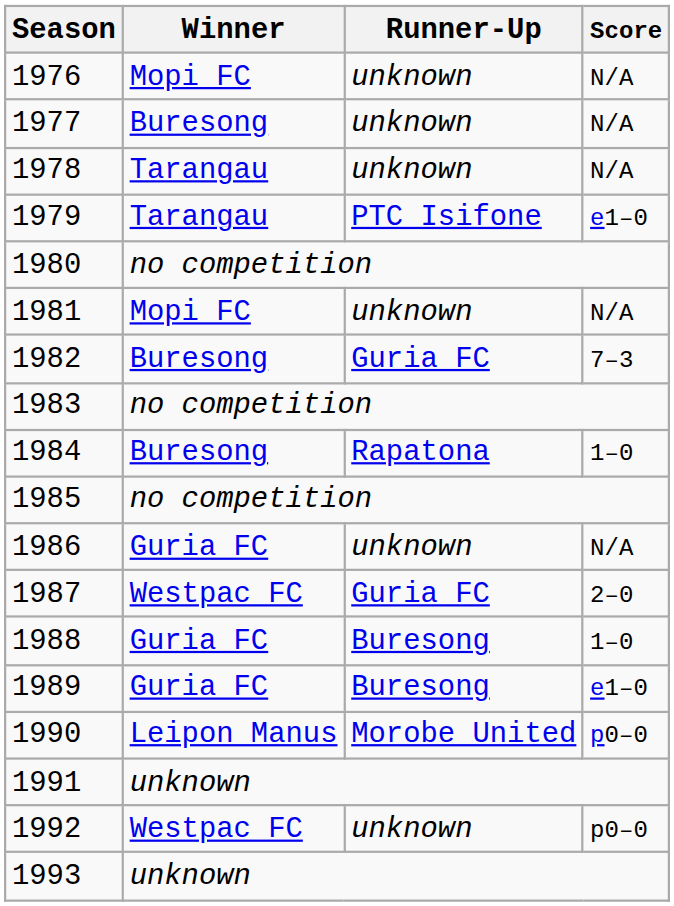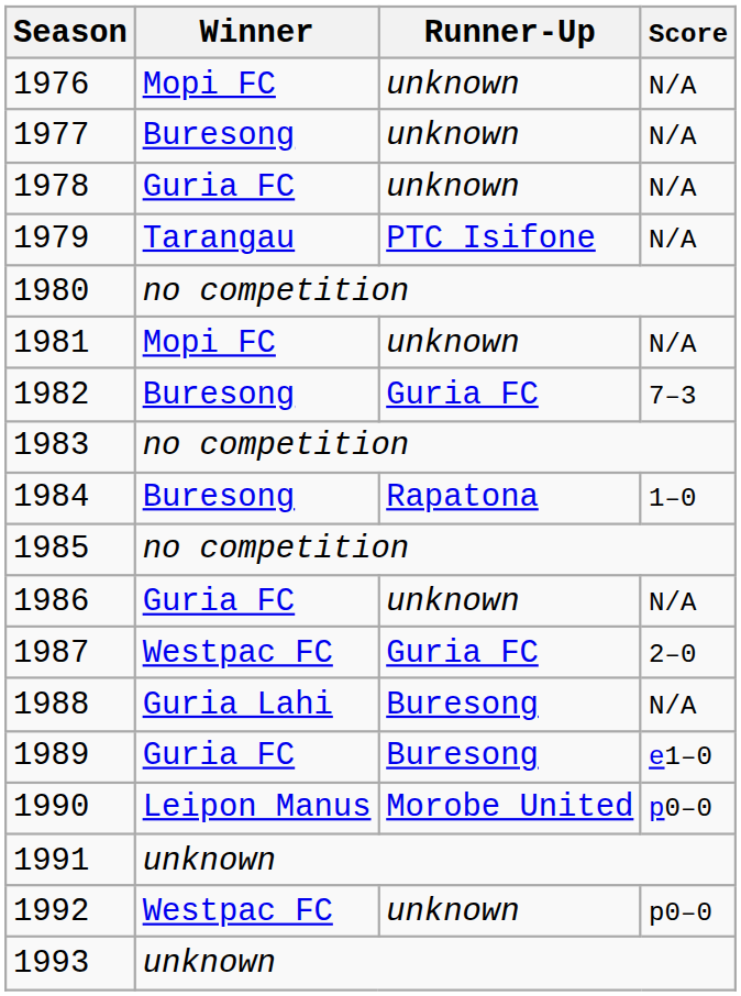 <table class="wikitable" style="display: inline-table;">
 <tr>
 <th>Season</th>
 <th>Winner</th>
 <th>Runner-Up</th>
 <th><small>Score</small></th>
 </tr>
 <tr>
 <td>1976</td>
 <td><a href='#'>Mopi FC</a></td>
 <td><em>unknown</em></td>
 <td><small>N/A</small></td>
 </tr>
 <tr>
 <td>1977</td>
 <td><a href='#'>Buresong</a></td>
 <td><em>unknown</em></td>
 <td><small>N/A</small></td>
 </tr>
 <tr>
 <td>1978</td>
-<td><a href='#'>Tarangau</a></td>
+<td><a href='#'>Guria FC</a></td>
 <td><em>unknown</em></td>
 <td><small>N/A</small></td>
 </tr>
 <tr>
 <td>1979</td>
 <td><a href='#'>Tarangau</a></td>
 <td><a href='#'>PTC Isifone</a></td>
-<td><small><a href='#'>e</a>1–0</small></td>
+<td><small>N/A</small></td>
 </tr>
 <tr>
 <td>1980</td>
 <td colspan="3"><em>no competition</em></td>
 </tr>
 <tr>
 <td>1981</td>
 <td><a href='#'>Mopi FC</a></td>
 <td><em>unknown</em></td>
 <td><small>N/A</small></td>
 </tr>
 <tr>
 <td>1982</td>
 <td><a href='#'>Buresong</a></td>
 <td><a href='#'>Guria FC</a></td>
 <td><small>7–3</small></td>
 </tr>
 <tr>
 <td>1983</td>
 <td colspan="3"><em>no competition</em></td>
 </tr>
 <tr>
 <td>1984</td>
 <td><a href='#'>Buresong</a></td>
 <td><a href='#'>Rapatona</a></td>
 <td><small>1–0</small></td>
 </tr>
 <tr>
 <td>1985</td>
 <td colspan="3"><em>no competition</em></td>
 </tr>
 <tr>
 <td>1986</td>
 <td><a href='#'>Guria FC</a></td>
 <td><em>unknown</em></td>
 <td><small>N/A</small></td>
 </tr>
 <tr>
 <td>1987</td>
 <td><a href='#'>Westpac FC</a></td>
 <td><a href='#'>Guria FC</a></td>
 <td><small>2–0</small></td>
 </tr>
 <tr>
 <td>1988</td>
-<td><a href='#'>Guria FC</a></td>
+<td><a href='#'>Guria Lahi</a></td>
 <td><a href='#'>Buresong</a></td>
-<td><small>1–0</small></td>
+<td><small>N/A</small></td>
 </tr>
 <tr>
 <td>1989</td>
 <td><a href='#'>Guria FC</a></td>
 <td><a href='#'>Buresong</a></td>
 <td><small><a href='#'>e</a>1–0</small></td>
 </tr>
 <tr>
 <td>1990</td>
 <td><a href='#'>Leipon Manus</a></td>
 <td><a href='#'>Morobe United</a></td>
 <td><small><a href='#'>p</a>0–0</small></td>
 </tr>
 <tr>
 <td>1991</td>
 <td colspan="3"><em>unknown</em></td>
 </tr>
 <tr>
 <td>1992</td>
 <td><a href='#'>Westpac FC</a></td>
 <td><em>unknown</em></td>
 <td><small>p0–0</small></td>
 </tr>
 <tr>
 <td>1993</td>
 <td colspan="3"><em>unknown</em></td>
 </tr>
 </table>
